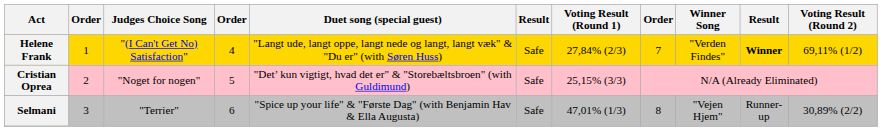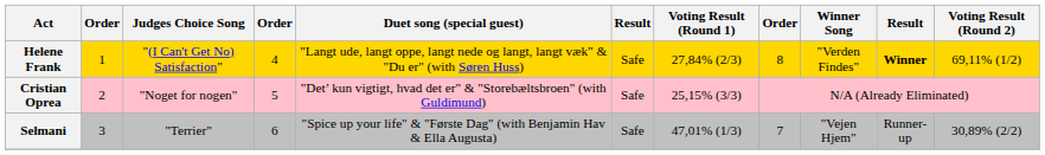 <table class="wikitable plainrowheaders" style="text-align:center;">
 <tr>
 <th scope="col">Act</th>
 <th scope="col">Order</th>
 <th scope="col">Judges Choice Song</th>
 <th scope="col">Order</th>
 <th scope="col">Duet song (special guest)</th>
 <th scope="col">Result</th>
 <th scope="col">Voting Result (Round 1)</th>
 <th scope="col">Order</th>
 <th scope="col">Winner Song</th>
 <th scope="col">Result</th>
 <th scope="col">Voting Result (Round 2)</th>
 </tr>
 <tr style="background:gold">
 <th scope=row>Helene Frank</th>
 <td>1</td>
 <td>"<a href='#'>(I Can't Get No) Satisfaction</a>"</td>
 <td>4</td>
 <td>"Langt ude, langt oppe, langt nede og langt, langt væk" & "Du er" (with <a href='#'>Søren Huss</a>)</td>
 <td>Safe</td>
 <td>27,84% (2/3)</td>
-<td>7</td>
+<td>8</td>
 <td>"Verden Findes"</td>
 <td><strong>Winner</strong></td>
 <td>69,11% (1/2)</td>
 </tr>
 <tr style="background:pink">
 <th scope=row>Cristian Oprea</th>
 <td>2</td>
 <td>"Noget for nogen"</td>
 <td>5</td>
 <td>"Det’ kun vigtigt, hvad det er" & "Storebæltsbroen" (with <a href='#'>Guldimund</a>)</td>
 <td>Safe</td>
 <td>25,15% (3/3)</td>
 <td colspan="4">N/A (Already Eliminated)</td>
 </tr>
 <tr style="background:silver">
 <th scope=row>Selmani</th>
 <td>3</td>
 <td>"Terrier"</td>
 <td>6</td>
 <td>"Spice up your life" & "Første Dag" (with Benjamin Hav & Ella Augusta)</td>
 <td>Safe</td>
 <td>47,01% (1/3)</td>
-<td>8</td>
+<td>7</td>
 <td>"Vejen Hjem"</td>
 <td>Runner-up</td>
 <td>30,89% (2/2)</td>
 </tr>
 <tr>
 </tr>
 </table>
